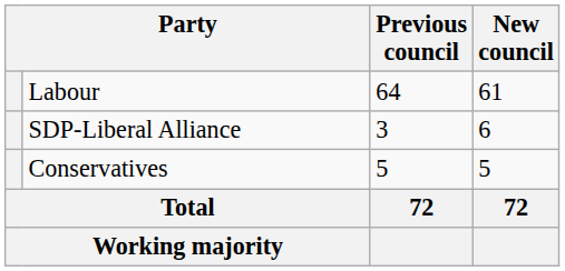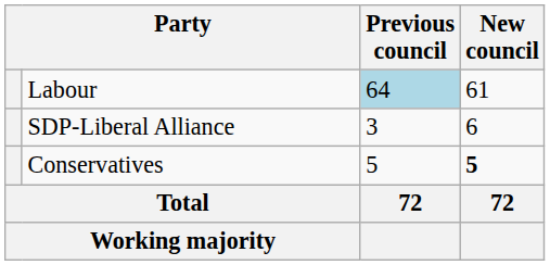 <table class="wikitable">
 <tr>
 <th valign=top colspan="2" style="width: 230px">Party</th>
 <th valign=top style="width: 30px">Previous council</th>
 <th valign=top style="width: 30px">New council</th>
 </tr>
 <tr>
 <th style="background-color: "></th>
 <td>Labour</td>
-<td>64</td>
+<td style="background: lightblue;">64</td>
 <td>61</td>
 </tr>
 <tr>
 <th style="background-color: "></th>
 <td>SDP-Liberal Alliance</td>
 <td>3</td>
 <td>6</td>
 </tr>
 <tr>
 <th style="background-color: "></th>
 <td>Conservatives</td>
 <td>5</td>
-<td>5</td>
+<td><strong>5</strong></td>
 </tr>
 <tr>
 <th colspan=2>Total</th>
 <th style="text-align: center">72</th>
 <th colspan=3>72</th>
 </tr>
 <tr>
 <th colspan=2>Working majority</th>
 <th></th>
 <th></th>
 </tr>
 </table>
